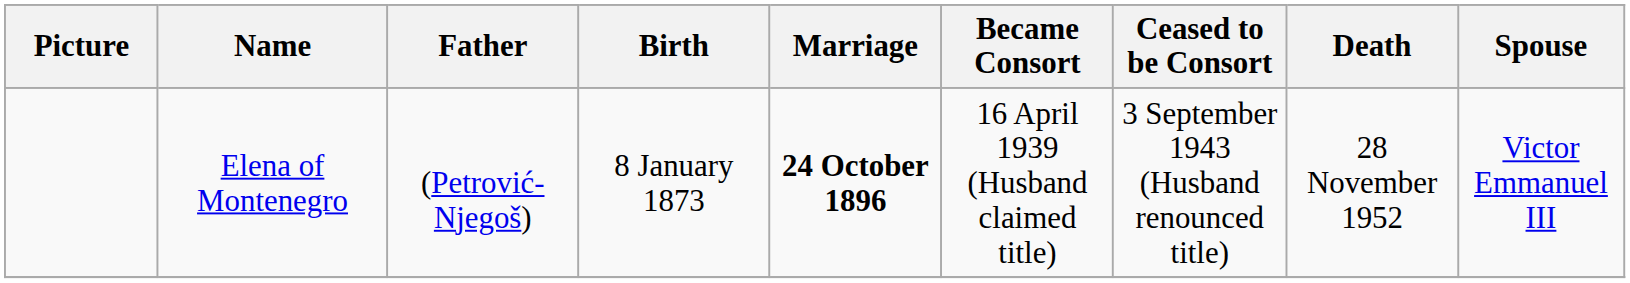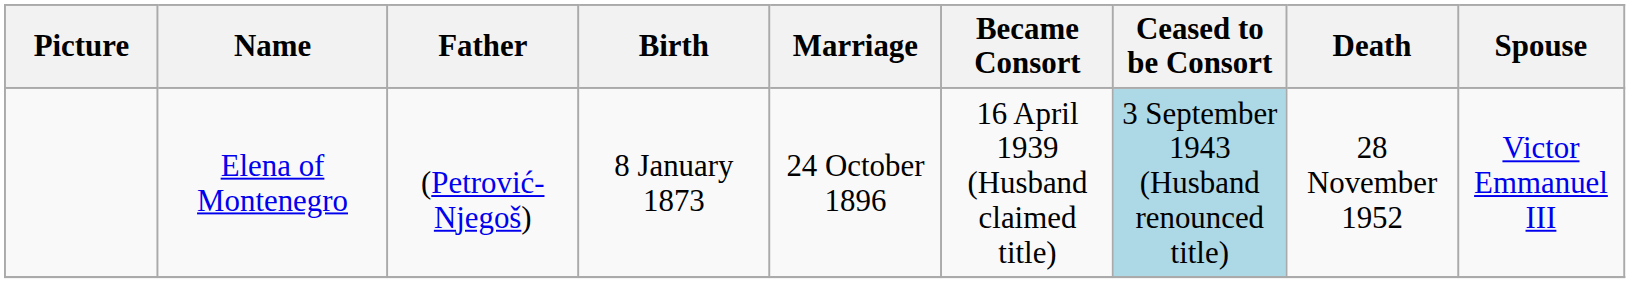 <table width=95% class="wikitable">
 <tr>
 <th width = "8%">Picture</th>
 <th width = "12%">Name</th>
 <th width = "10%">Father</th>
 <th width = "10%">Birth</th>
 <th width = "9%">Marriage</th>
 <th width = "9%">Became Consort</th>
 <th width = "9%">Ceased to be Consort</th>
 <th width = "9%">Death</th>
 <th width = "6%">Spouse</th>
 </tr>
 <tr>
 <td align="center"></td>
 <td align="center"><a href='#'>Elena of Montenegro</a></td>
 <td align=center><br>(<a href='#'>Petrović-Njegoš</a>)</td>
 <td align="center">8 January 1873</td>
-<td align="center"><strong>24 October 1896</strong></td>
+<td align="center">24 October 1896</td>
 <td align="center">16 April 1939<br>(Husband claimed title)</td>
-<td align="center">3 September 1943<br>(Husband renounced title)</td>
+<td align="center" style="background: lightblue;">3 September 1943<br>(Husband renounced title)</td>
 <td align="center">28 November 1952</td>
 <td align="center"><a href='#'>Victor Emmanuel III</a></td>
 </tr>
 <tr>
 </tr>
 </table>
